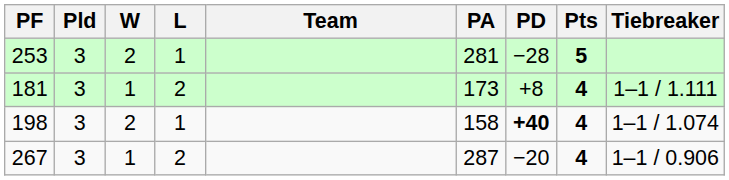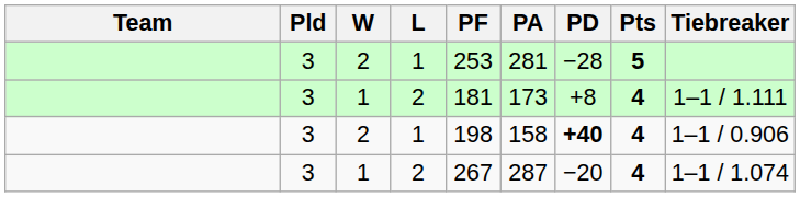 <table class=wikitable style="text-align:center">
 <tr>
-<th width=30>PF</th>
+<th width=180>Team</th>
 <th width=30>Pld</th>
 <th width=30>W</th>
 <th width=30>L</th>
-<th width=180>Team</th>
+<th width=30>PF</th>
 <th width=30>PA</th>
 <th width=30>PD</th>
 <th width=30>Pts</th>
 <th width=80>Tiebreaker</th>
 </tr>
 <tr align=center bgcolor="#ccffcc">
-<td>253</td>
+<td align=left></td>
 <td>3</td>
 <td>2</td>
 <td>1</td>
-<td align=left></td>
+<td>253</td>
 <td>281</td>
 <td>−28</td>
 <td><strong>5</strong></td>
 <td></td>
 </tr>
 <tr align=center bgcolor="#ccffcc">
-<td>181</td>
+<td align=left></td>
 <td>3</td>
 <td>1</td>
 <td>2</td>
-<td align=left></td>
+<td>181</td>
 <td>173</td>
 <td>+8</td>
 <td><strong>4</strong></td>
 <td>1–1 / 1.111</td>
 </tr>
 <tr align=center>
-<td>198</td>
+<td align=left></td>
 <td>3</td>
 <td>2</td>
 <td>1</td>
-<td align=left></td>
+<td>198</td>
 <td>158</td>
 <td><strong>+40</strong></td>
 <td><strong>4</strong></td>
-<td>1–1 / 1.074</td>
+<td>1–1 / 0.906</td>
 </tr>
 <tr align=center>
-<td>267</td>
+<td align=left></td>
 <td>3</td>
 <td>1</td>
 <td>2</td>
-<td align=left></td>
+<td>267</td>
 <td>287</td>
 <td>−20</td>
 <td><strong>4</strong></td>
-<td>1–1 / 0.906</td>
+<td>1–1 / 1.074</td>
 </tr>
 </table>
